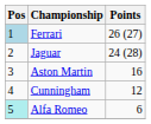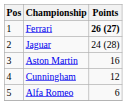 <table class="wikitable" style="font-size: 95%;">
 <tr>
 <th>Pos</th>
 <th>Championship</th>
 <th>Points</th>
 </tr>
 <tr>
-<td style="background: lightblue;">1</td>
+<td>1</td>
 <td> <a href='#'>Ferrari</a></td>
-<td style="text-align:right;">26 (27)</td>
+<td style="text-align:right;"><strong>26 (27)</strong></td>
 </tr>
 <tr>
 <td>2</td>
 <td> <a href='#'>Jaguar</a></td>
 <td style="text-align:right;">24 (28)</td>
 </tr>
 <tr>
 <td>3</td>
 <td> <a href='#'>Aston Martin</a></td>
 <td style="text-align:right;">16</td>
 </tr>
 <tr>
 <td>4</td>
 <td> <a href='#'>Cunningham</a></td>
 <td style="text-align:right;">12</td>
 </tr>
 <tr>
-<td style="background: paleturquoise;">5</td>
+<td>5</td>
 <td> <a href='#'>Alfa Romeo</a></td>
 <td style="text-align:right;">6</td>
 </tr>
 <tr>
 </tr>
 </table>
